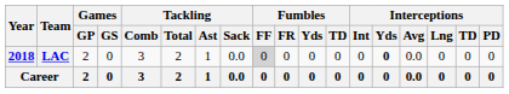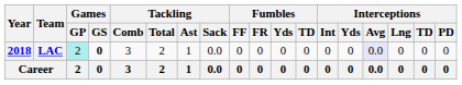 <table class= "wikitable" style="text-align:center;">
 <tr>
 <th rowspan="2">Year</th>
 <th rowspan="2">Team</th>
 <th colspan="2">Games</th>
 <th colspan="4">Tackling</th>
 <th colspan="4">Fumbles</th>
 <th colspan="6">Interceptions</th>
 </tr>
 <tr>
 <th>GP</th>
 <th>GS</th>
 <th>Comb</th>
 <th>Total</th>
 <th>Ast</th>
 <th>Sack</th>
 <th>FF</th>
 <th>FR</th>
 <th>Yds</th>
 <th>TD</th>
 <th>Int</th>
 <th>Yds</th>
 <th>Avg</th>
 <th>Lng</th>
 <th>TD</th>
 <th>PD</th>
 </tr>
 <tr>
 <th><a href='#'>2018</a></th>
 <th><a href='#'>LAC</a></th>
-<td>2</td>
-<td>0</td>
+<td style="background: paleturquoise;">2</td>
+<td><strong>0</strong></td>
 <td>3</td>
 <td>2</td>
 <td>1</td>
 <td>0.0</td>
-<td style="background: lightgrey;">0</td>
 <td>0</td>
 <td>0</td>
 <td>0</td>
 <td>0</td>
-<td><strong>0</strong></td>
-<td>0.0</td>
+<td>0</td>
+<td>0</td>
+<td style="background: lavender;">0.0</td>
 <td>0</td>
 <td>0</td>
 <td>0</td>
 </tr>
 <tr>
 <th colspan="2">Career</th>
 <th>2</th>
 <th>0</th>
 <th>3</th>
 <th>2</th>
 <th>1</th>
 <th>0.0</th>
 <th>0</th>
 <th>0</th>
 <th>0</th>
 <th>0</th>
 <th>0</th>
 <th>0</th>
 <th>0.0</th>
 <th>0</th>
 <th>0</th>
 <th>0</th>
 </tr>
 </table>
